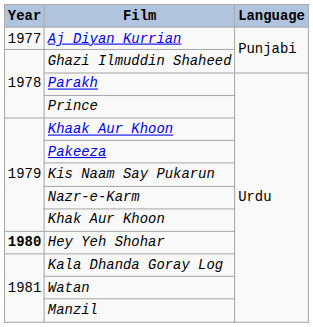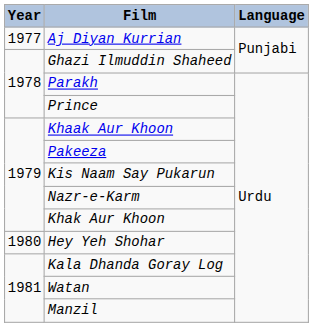 <table class="wikitable sortable plainrowheaders">
 <tr>
 <th style="background:#B0C4DE;">Year</th>
 <th style="background:#B0C4DE;">Film</th>
 <th style="background:#B0C4DE;">Language</th>
 </tr>
 <tr>
 <td>1977</td>
 <td><em><a href='#'>Aj Diyan Kurrian</a></em></td>
 <td rowspan="2">Punjabi</td>
 </tr>
 <tr>
 <td rowspan="3">1978</td>
 <td><em>Ghazi Ilmuddin Shaheed</em></td>
 </tr>
 <tr>
 <td><em><a href='#'>Parakh</a></em></td>
 <td rowspan="11">Urdu</td>
 </tr>
 <tr>
 <td><em>Prince</em></td>
 </tr>
 <tr>
 <td rowspan="5">1979</td>
 <td><em><a href='#'> Khaak Aur Khoon</a></em></td>
 </tr>
 <tr>
 <td><em><a href='#'>Pakeeza</a></em></td>
 </tr>
 <tr>
 <td><em>Kis Naam Say Pukarun</em></td>
 </tr>
 <tr>
 <td><em>Nazr-e-Karm</em></td>
 </tr>
 <tr>
 <td><em>Khak Aur Khoon</em></td>
 </tr>
 <tr>
-<td><strong>1980</strong></td>
+<td>1980</td>
 <td><em>Hey Yeh Shohar</em></td>
 </tr>
 <tr>
 <td rowspan="3">1981</td>
 <td><em>Kala Dhanda Goray Log</em></td>
 </tr>
 <tr>
 <td><em>Watan</em></td>
 </tr>
 <tr>
 <td><em>Manzil</em></td>
 </tr>
 </table>
